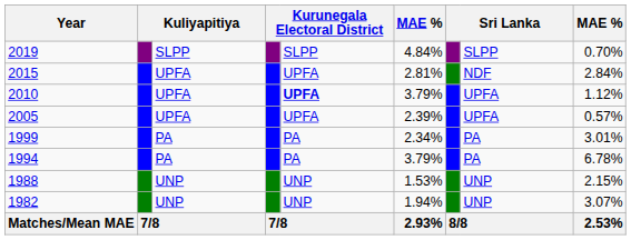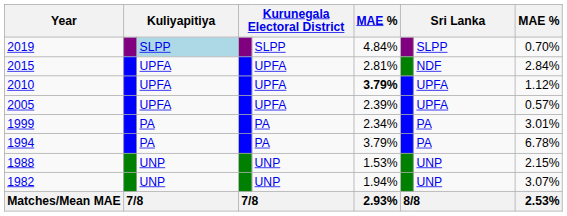 <table class="wikitable">
 <tr>
 <th>Year</th>
 <th colspan="2" width="144px">Kuliyapitiya</th>
 <th colspan="2" width="144px"><a href='#'>Kurunegala Electoral District</a></th>
 <th><a href='#'>MAE</a> %</th>
 <th colspan="2" width="144px">Sri Lanka</th>
 <th>MAE %</th>
 </tr>
 <tr>
 <td><a href='#'>2019</a></td>
 <td style="background-color:purple;" width="10px"></td>
-<td style="text-align:left;"><a href='#'>SLPP</a></td>
+<td style="background: lightblue; text-align:left;"><a href='#'>SLPP</a></td>
 <td style="background-color:purple;" width="10px"></td>
 <td style="text-align:left;"><a href='#'>SLPP</a></td>
 <td style="text-align:right;">4.84%</td>
 <td style="background-color:purple;" width="10px"></td>
 <td style="text-align:left;"><a href='#'>SLPP</a></td>
 <td style="text-align:right;">0.70%</td>
 </tr>
 <tr>
 <td><a href='#'>2015</a></td>
 <td style="background-color:blue;" width="10px"></td>
 <td style="text-align:left;"><a href='#'>UPFA</a></td>
 <td style="background-color:blue;" width="10px"></td>
 <td style="text-align:left;"><a href='#'>UPFA</a></td>
 <td style="text-align:right;">2.81%</td>
 <td style="background-color:green;" width="10px"></td>
 <td style="text-align:left;"><a href='#'>NDF</a></td>
 <td style="text-align:right;">2.84%</td>
 </tr>
 <tr>
 <td><a href='#'>2010</a></td>
 <td style="background-color:blue;" width="10px"></td>
 <td style="text-align:left;"><a href='#'>UPFA</a></td>
 <td style="background-color:blue;" width="10px"></td>
-<td style="text-align:left;"><strong><a href='#'>UPFA</a></strong></td>
-<td style="text-align:right;">3.79%</td>
+<td style="text-align:left;"><a href='#'>UPFA</a></td>
+<td style="text-align:right;"><strong>3.79%</strong></td>
 <td style="background-color:blue;" width="10px"></td>
 <td style="text-align:left;"><a href='#'>UPFA</a></td>
 <td style="text-align:right;">1.12%</td>
 </tr>
 <tr>
 <td><a href='#'>2005</a></td>
 <td style="background-color:blue;" width="10px"></td>
 <td style="text-align:left;"><a href='#'>UPFA</a></td>
 <td style="background-color:blue;" width="10px"></td>
 <td style="text-align:left;"><a href='#'>UPFA</a></td>
 <td style="text-align:right;">2.39%</td>
 <td style="background-color:blue;" width="10px"></td>
 <td style="text-align:left;"><a href='#'>UPFA</a></td>
 <td style="text-align:right;">0.57%</td>
 </tr>
 <tr>
 <td><a href='#'>1999</a></td>
 <td style="background-color:blue;" width="10px"></td>
 <td style="text-align:left;"><a href='#'>PA</a></td>
 <td style="background-color:blue;" width="10px"></td>
 <td style="text-align:left;"><a href='#'>PA</a></td>
 <td style="text-align:right;">2.34%</td>
 <td style="background-color:blue;" width="10px"></td>
 <td style="text-align:left;"><a href='#'>PA</a></td>
 <td style="text-align:right;">3.01%</td>
 </tr>
 <tr>
 <td><a href='#'>1994</a></td>
 <td style="background-color:blue;" width="10px"></td>
 <td style="text-align:left;"><a href='#'>PA</a></td>
 <td style="background-color:blue;" width="10px"></td>
 <td style="text-align:left;"><a href='#'>PA</a></td>
 <td style="text-align:right;">3.79%</td>
 <td style="background-color:blue;" width="10px"></td>
 <td style="text-align:left;"><a href='#'>PA</a></td>
 <td style="text-align:right;">6.78%</td>
 </tr>
 <tr>
 <td><a href='#'>1988</a></td>
 <td style="background-color:green;" width="10px"></td>
 <td style="text-align:left;"><a href='#'>UNP</a></td>
 <td style="background-color:green;" width="10px"></td>
 <td style="text-align:left;"><a href='#'>UNP</a></td>
 <td style="text-align:right;">1.53%</td>
 <td style="background-color:green;" width="10px"></td>
 <td style="text-align:left;"><a href='#'>UNP</a></td>
 <td style="text-align:right;">2.15%</td>
 </tr>
 <tr>
 <td><a href='#'>1982</a></td>
 <td style="background-color:green;" width="10px"></td>
 <td style="text-align:left;"><a href='#'>UNP</a></td>
 <td style="background-color:green;" width="10px"></td>
 <td style="text-align:left;"><a href='#'>UNP</a></td>
 <td style="text-align:right;">1.94%</td>
 <td style="background-color:green;" width="10px"></td>
 <td style="text-align:left;"><a href='#'>UNP</a></td>
 <td style="text-align:right;">3.07%</td>
 </tr>
 <tr>
 <th>Matches/Mean MAE</th>
 <th style="text-align:left;"colspan="2" width="144px">7/8</th>
 <th style="text-align:left;"colspan="2" width="144px">7/8</th>
 <th style="text-align:right;">2.93%</th>
 <th style="text-align:left;"colspan="2" width="144px">8/8</th>
 <th style="text-align:right;">2.53%</th>
 </tr>
 </table>
